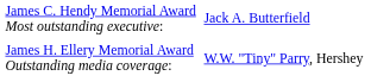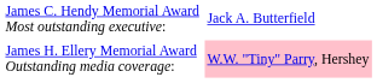 <table cellpadding="3" cellspacing="3">
 <tr>
 <td><a href='#'>James C. Hendy Memorial Award</a><br><em>Most outstanding executive</em>:</td>
 <td><a href='#'>Jack A. Butterfield</a></td>
 </tr>
 <tr>
 <td><a href='#'>James H. Ellery Memorial Award</a> <br><em>Outstanding media coverage</em>:</td>
-<td><a href='#'>W.W. "Tiny" Parry</a>, Hershey</td>
+<td style="background: pink;"><a href='#'>W.W. "Tiny" Parry</a>, Hershey</td>
 </tr>
 </table>
